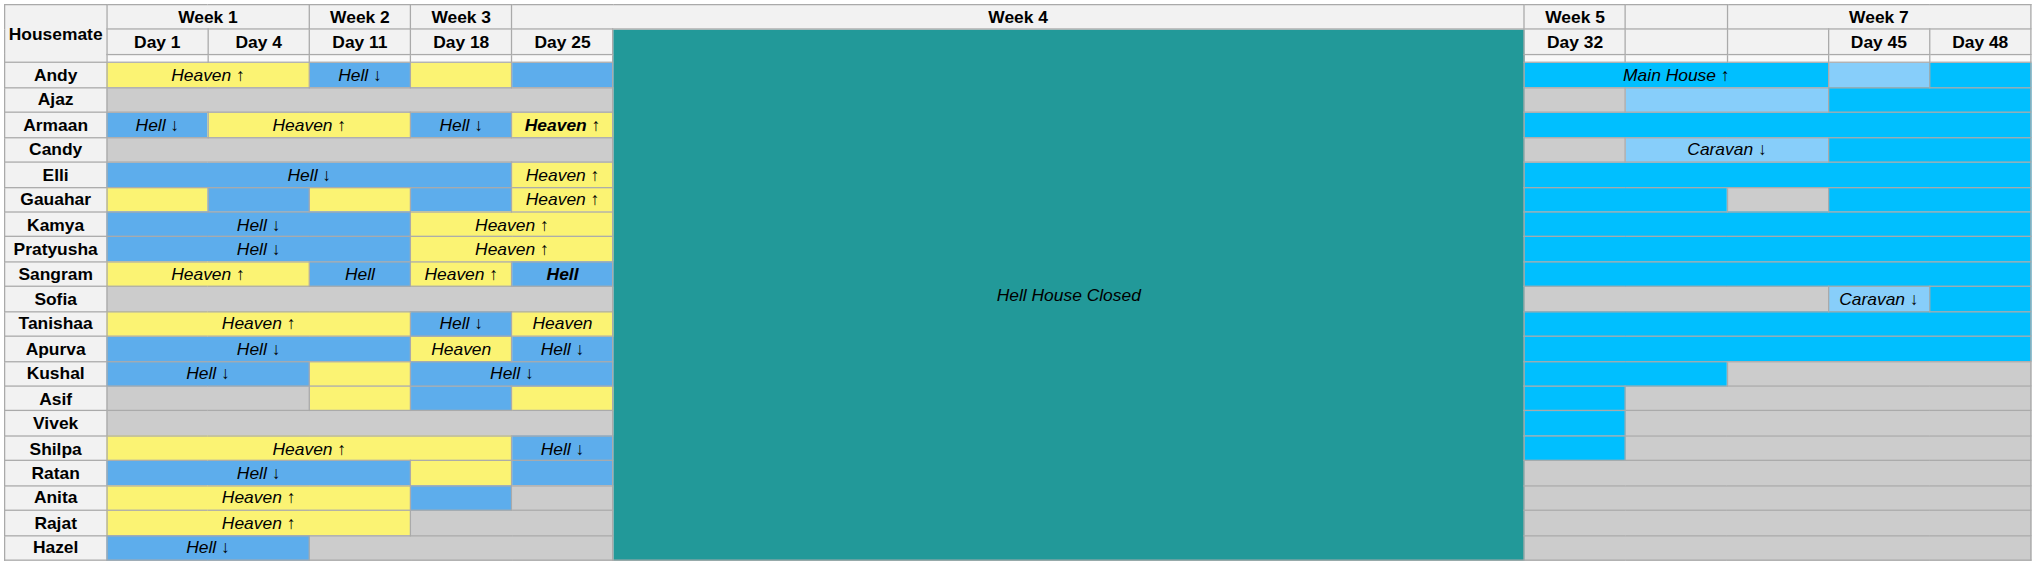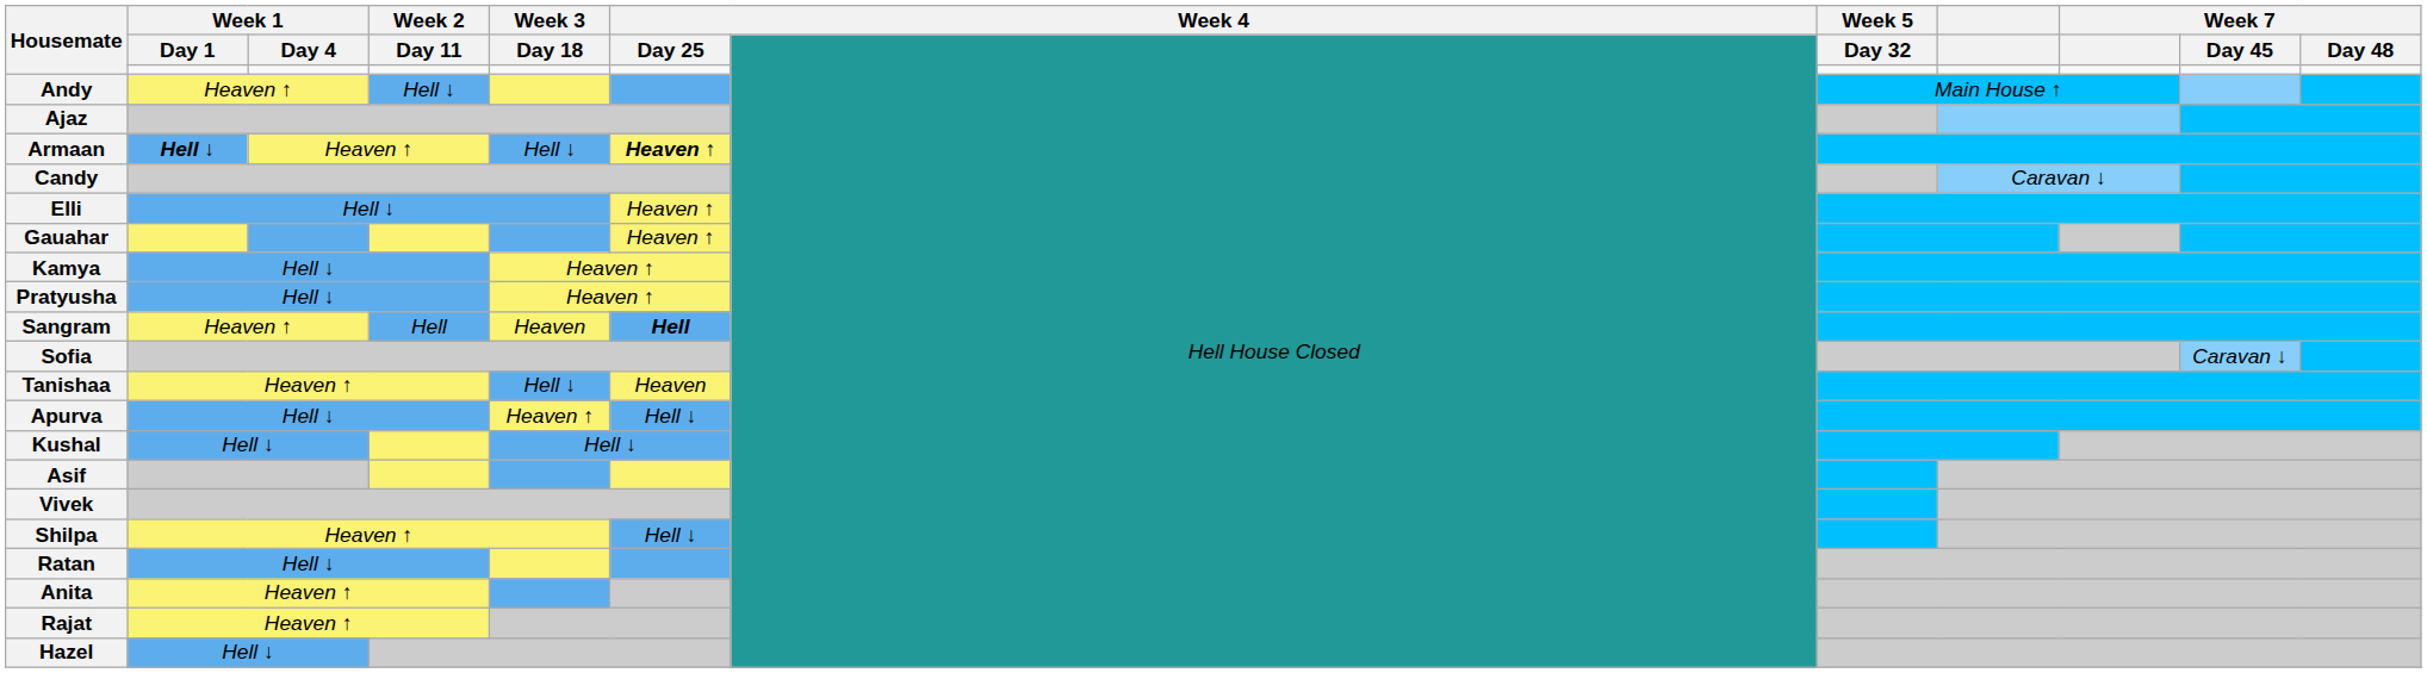 <table class="wikitable" style="text-align:center; width:100%; font-size:85%; font-family: sans-serif; line-height:13px;">
 <tr>
 <th rowspan="3" style="width:5%;">Housemate</th>
 <th colspan="2" style="width:5%;">Week 1</th>
 <th style="width:5%;">Week 2</th>
 <th style="width:5%;">Week 3</th>
 <th colspan="2" style="width:5%;">Week 4</th>
 <th style="width:5%;">Week 5</th>
 <th style="width:5%;"></th>
 <th colspan="3" style="width:5%;">Week 7</th>
 </tr>
 <tr>
 <th style="width:5%;">Day 1</th>
 <th style="width:5%;">Day 4</th>
 <th style="width:5%;">Day 11</th>
 <th style="width:5%;">Day 18</th>
 <th style="width:5%;">Day 25</th>
 <td rowspan="22" bgcolor="#299"><em>Hell House Closed</em></td>
 <th style="width:5%;">Day 32</th>
 <th style="width:5%;"></th>
 <th style="width:5%;"></th>
 <th style="width:5%;">Day 45</th>
 <th style="width:5%;">Day 48</th>
 </tr>
 <tr>
 <td></td>
 <td></td>
 <td></td>
 <td></td>
 <td></td>
 <td></td>
 <td></td>
 <td></td>
 <td></td>
 <td></td>
 </tr>
 <tr>
 <th>Andy</th>
 <td colspan="2" style="background:#FBF373;"><em>Heaven</em> ↑</td>
 <td style="background:#5DADEC;"><em>Hell</em> ↓</td>
 <td style="background:#FBF373;"></td>
 <td style="background:#5DADEC;"></td>
 <td colspan="3" style="background:#00BFFF;"><em>Main House</em> ↑</td>
 <td style="background:#87CEFA;"></td>
 <td style="background:#00BFFF;"></td>
 </tr>
 <tr>
 <th>Ajaz</th>
 <td colspan="5" style="background: #ccc;"></td>
 <td style="background:#ccc"></td>
 <td colspan="2" style="background:#87CEFA;"></td>
 <td colspan="2" style="background:#00BFFF;"></td>
 </tr>
 <tr>
 <th>Armaan</th>
-<td style="background:#5DADEC;"><em>Hell</em> ↓</td>
+<td style="background:#5DADEC;"><strong><em>Hell</em> ↓</strong></td>
 <td colspan="2" style="background:#FBF373;"><em>Heaven</em> ↑</td>
 <td style="background:#5DADEC;"><em>Hell</em> ↓</td>
 <td style="background:#FBF373;"><strong><em>Heaven</em> ↑</strong></td>
 <td colspan="5" style="background:#00BFFF;"></td>
 </tr>
 <tr>
 <th>Candy</th>
 <td colspan="5" style="background:#ccc;"></td>
 <td style="background:#ccc"></td>
 <td colspan="2" style="background:#87CEFA;"><em>Caravan</em> ↓</td>
 <td colspan="2" style="background:#00BFFF;"></td>
 </tr>
 <tr>
 <th>Elli</th>
 <td colspan="4" style="background:#5DADEC;"><em>Hell</em> ↓</td>
 <td style="background:#FBF373;"><em>Heaven</em> ↑</td>
 <td colspan="5" style="background:#00BFFF;"></td>
 </tr>
 <tr>
 <th>Gauahar</th>
 <td style="background:#FBF373;"></td>
 <td style="background:#5DADEC;"></td>
 <td style="background:#FBF373;"></td>
 <td style="background:#5DADEC;"></td>
 <td style="background:#FBF373;"><em>Heaven</em> ↑</td>
 <td colspan="2" style="background:#00BFFF;"></td>
 <td style="background:#ccc"></td>
 <td colspan="2" style="background:#00BFFF;"></td>
 </tr>
 <tr>
 <th>Kamya</th>
 <td colspan="3" style="background:#5DADEC;"><em>Hell</em> ↓</td>
 <td colspan="2" style="background:#FBF373;"><em>Heaven</em> ↑</td>
 <td colspan="5" style="background:#00BFFF;"></td>
 </tr>
 <tr>
 <th>Pratyusha</th>
 <td colspan="3" style="background:#5DADEC;"><em>Hell</em> ↓</td>
 <td colspan="2" style="background:#FBF373;"><em>Heaven</em> ↑</td>
 <td colspan="5" style="background:#00BFFF;"></td>
 </tr>
 <tr>
 <th>Sangram</th>
 <td colspan="2" style="background:#FBF373;"><em>Heaven</em> ↑</td>
 <td style="background:#5DADEC;"><em>Hell</em></td>
-<td style="background:#FBF373;"><em>Heaven</em> ↑</td>
+<td style="background:#FBF373;"><em>Heaven</em></td>
 <td style="background:#5DADEC;"><strong><em>Hell</em></strong></td>
 <td colspan="5" style="background:#00BFFF;"></td>
 </tr>
 <tr>
 <th>Sofia</th>
 <td colspan="5" style="background:#ccc;"></td>
 <td colspan="3" style="background:#ccc"></td>
 <td style="background:#87CEFA;"><em>Caravan</em> ↓</td>
 <td style="background:#00BFFF;"></td>
 </tr>
 <tr>
 <th>Tanishaa</th>
 <td colspan="3" style="background:#FBF373;"><em>Heaven</em> ↑</td>
 <td style="background:#5DADEC;"><em>Hell</em> ↓</td>
 <td style="background:#FBF373;"><em>Heaven</em></td>
 <td colspan="5" style="background:#00BFFF;"></td>
 </tr>
 <tr>
 <th>Apurva</th>
 <td colspan="3" style="background:#5DADEC;"><em>Hell</em> ↓</td>
-<td style="background:#FBF373;"><em>Heaven</em></td>
+<td style="background:#FBF373;"><em>Heaven</em> ↑</td>
 <td style="background:#5DADEC;"><em>Hell</em> ↓</td>
 <td colspan="5" style="background:#00BFFF;"></td>
 </tr>
 <tr>
 <th>Kushal</th>
 <td colspan="2" style="background:#5DADEC;"><em>Hell</em> ↓</td>
 <td style="background:#FBF373;"></td>
 <td colspan="2" style="background:#5DADEC;"><em>Hell</em> ↓</td>
 <td colspan="2" style="background:#00BFFF;"></td>
 <td colspan="3" style="background:#ccc"></td>
 </tr>
 <tr>
 <th>Asif</th>
 <td colspan="2" style="background:#ccc;"></td>
 <td style="background:#FBF373;"></td>
 <td style="background:#5DADEC;"></td>
 <td style="background:#FBF373;"></td>
 <td style="background:#00BFFF;"></td>
 <td colspan="4" style="background:#ccc"></td>
 </tr>
 <tr>
 <th>Vivek</th>
 <td colspan="5" style="background:#ccc;"></td>
 <td style="background:#00BFFF;"></td>
 <td colspan="4" style="background:#ccc"></td>
 </tr>
 <tr>
 <th>Shilpa</th>
 <td colspan="4" style="background:#FBF373;"><em>Heaven</em> ↑</td>
 <td style="background:#5DADEC;"><em>Hell</em> ↓</td>
 <td style="background:#00BFFF;"></td>
 <td colspan="4" style="background:#ccc"></td>
 </tr>
 <tr>
 <th>Ratan</th>
 <td colspan="3" style="background:#5DADEC;"><em>Hell</em> ↓</td>
 <td style="background:#FBF373;"></td>
 <td style="background:#5DADEC;"></td>
 <td colspan="5" style="background:#ccc"></td>
 </tr>
 <tr>
 <th>Anita</th>
 <td colspan="3" style="background:#FBF373;"><em>Heaven</em> ↑</td>
 <td style="background:#5DADEC;"></td>
 <td style="background:#ccc"></td>
 <td colspan="5" style="background:#ccc"></td>
 </tr>
 <tr>
 <th>Rajat</th>
 <td colspan="3" style="background:#FBF373;"><em>Heaven</em> ↑</td>
 <td colspan="2" style="background:#ccc"></td>
 <td colspan="5" style="background:#ccc"></td>
 </tr>
 <tr>
 <th>Hazel</th>
 <td colspan="2" style="background:#5DADEC;"><em>Hell</em> ↓</td>
 <td colspan="3" style="background:#ccc"></td>
 <td colspan="5" style="background:#ccc"></td>
 </tr>
 </table>
